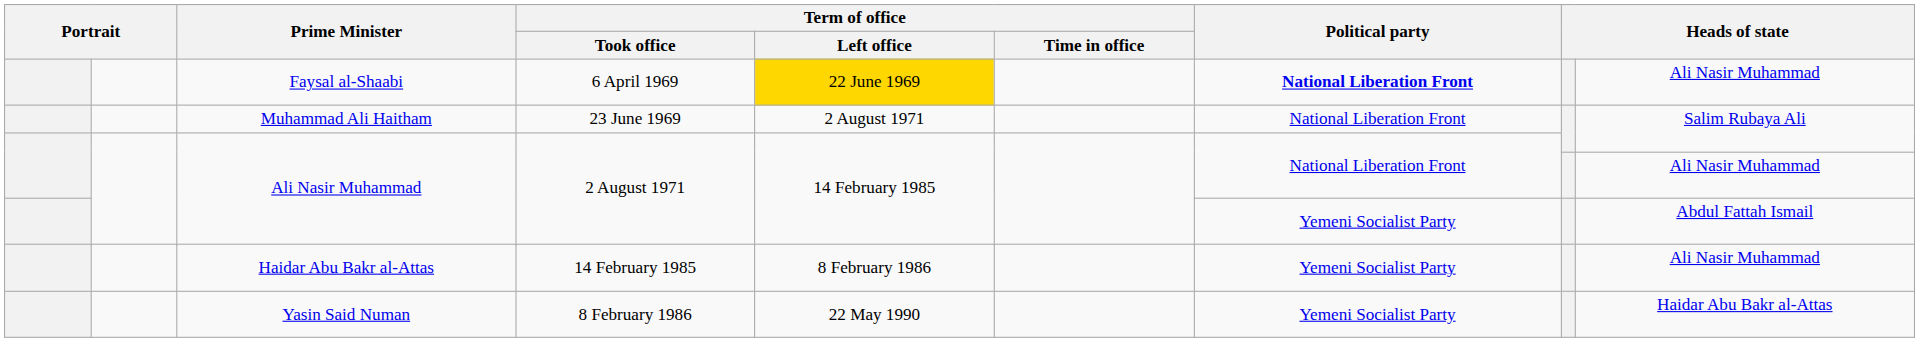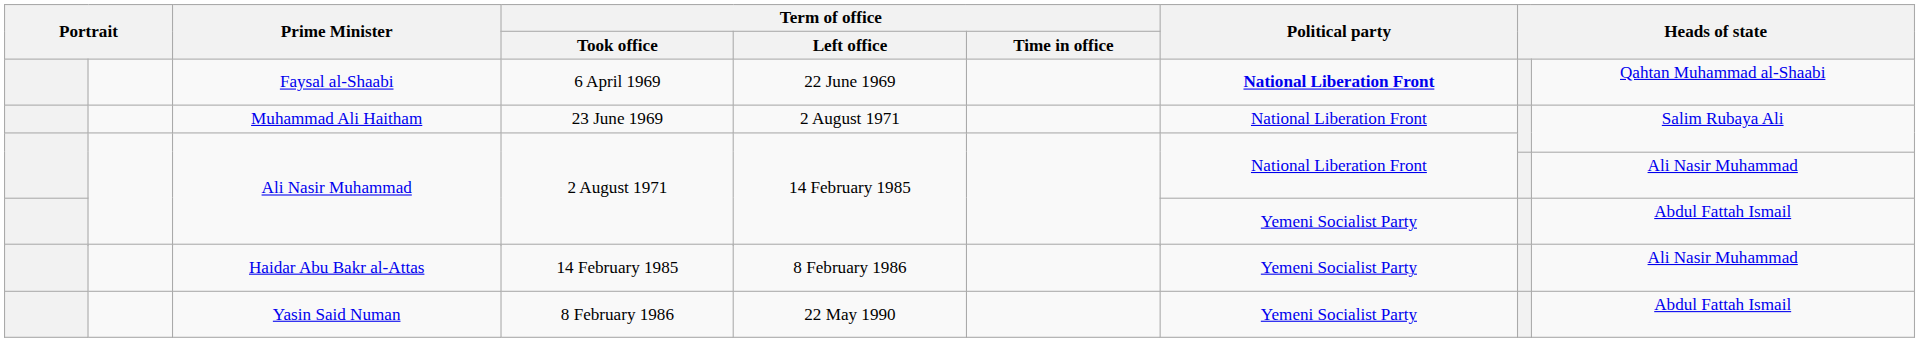 <table class="wikitable" style="text-align:center; border:1px #aaf solid; width:90%;">
 <tr>
 <th rowspan="2" colspan="2" width="80px">Portrait</th>
 <th rowspan="2">Prime Minister<br></th>
 <th colspan="3">Term of office</th>
 <th rowspan="2">Political party</th>
 <th rowspan="2" colspan="2">Heads of state<br></th>
 </tr>
 <tr>
 <th>Took office</th>
 <th>Left office</th>
 <th>Time in office</th>
 </tr>
 <tr>
 <th style="background:"></th>
 <td></td>
 <td><a href='#'>Faysal al-Shaabi</a><br></td>
 <td>6 April 1969</td>
-<td style="background: gold;">22 June 1969<br></td>
+<td>22 June 1969<br></td>
 <td></td>
 <td><strong><a href='#'>National Liberation Front</a></strong></td>
 <th style="background:"></th>
-<td><a href='#'>Ali Nasir Muhammad</a><br><br></td>
+<td><a href='#'>Qahtan Muhammad al-Shaabi</a><br><br></td>
 </tr>
 <tr>
 <th style="background:"></th>
 <td></td>
 <td><a href='#'>Muhammad Ali Haitham</a><br></td>
 <td>23 June 1969</td>
 <td>2 August 1971</td>
 <td></td>
 <td><a href='#'>National Liberation Front</a></td>
 <th rowspan=2 style="background:"></th>
 <td rowspan=2><a href='#'>Salim Rubaya Ali</a><br><br></td>
 </tr>
 <tr>
 <th rowspan=2 style="background:"></th>
 <td rowspan=4></td>
 <td rowspan=4><a href='#'>Ali Nasir Muhammad</a><br></td>
 <td rowspan=4>2 August 1971</td>
 <td rowspan=4>14 February 1985</td>
 <td rowspan=4></td>
 <td rowspan=2><a href='#'>National Liberation Front</a><br></td>
 </tr>
 <tr>
 <th style="background:"></th>
 <td><a href='#'>Ali Nasir Muhammad</a><br><br></td>
 </tr>
 <tr>
 <th rowspan=2 style="background:"></th>
 <td rowspan=2><a href='#'>Yemeni Socialist Party</a></td>
 <th style="background:"></th>
 <td><a href='#'>Abdul Fattah Ismail</a><br><br></td>
 </tr>
 <tr>
 <th rowspan=2 style="background:"></th>
 <td rowspan=2><a href='#'>Ali Nasir Muhammad</a><br><br></td>
 </tr>
 <tr>
 <th style="background:"></th>
 <td></td>
 <td><a href='#'>Haidar Abu Bakr al-Attas</a><br></td>
 <td>14 February 1985</td>
 <td>8 February 1986</td>
 <td></td>
 <td><a href='#'>Yemeni Socialist Party</a></td>
 </tr>
 <tr>
 <th style="background:"></th>
 <td></td>
 <td><a href='#'>Yasin Said Numan</a><br></td>
 <td>8 February 1986</td>
 <td>22 May 1990</td>
 <td></td>
 <td><a href='#'>Yemeni Socialist Party</a></td>
 <th style="background:"></th>
-<td><a href='#'>Haidar Abu Bakr al-Attas</a><br> <br></td>
+<td><a href='#'>Abdul Fattah Ismail</a><br><br></td>
 </tr>
 </table>
